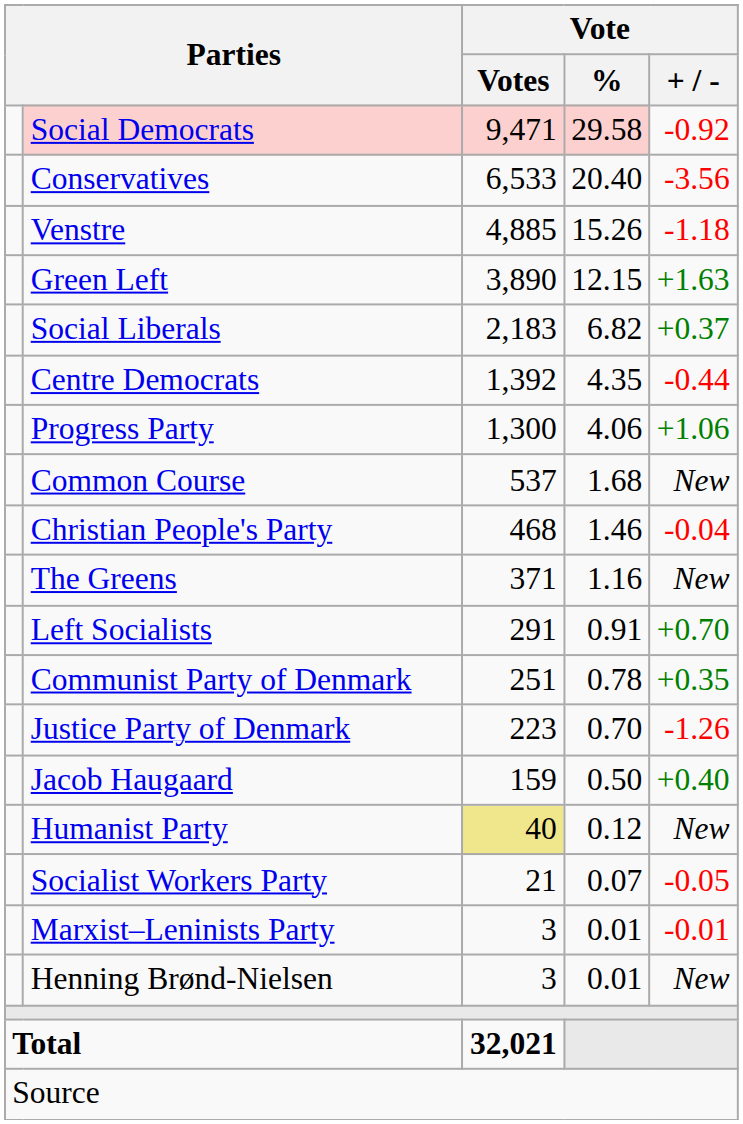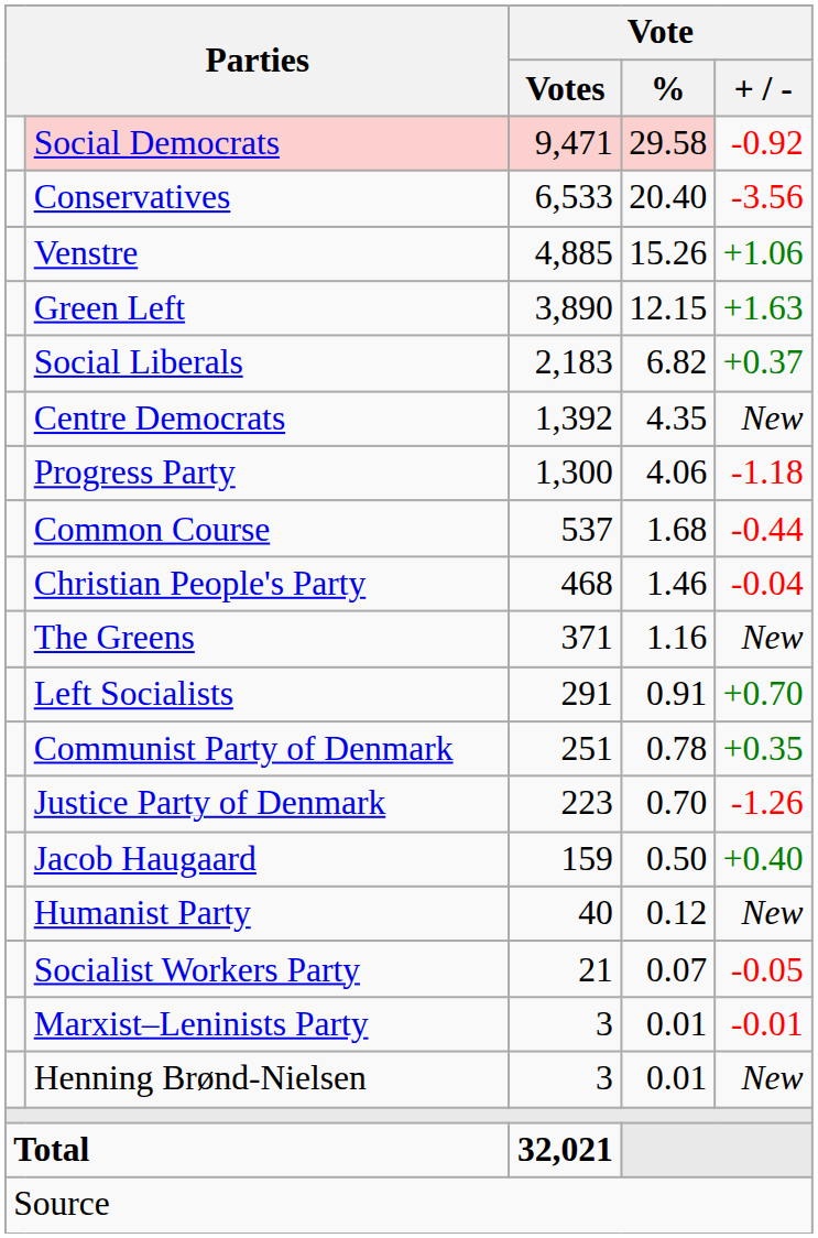 <table class="wikitable" style="text-align:right;">
 <tr>
 <th style="text-align:centre;" rowspan="2" colspan="2" width="225">Parties</th>
 <th colspan="3">Vote</th>
 </tr>
 <tr>
 <th width="15">Votes</th>
 <th width="15">%</th>
 <th width="15">+ / -</th>
 </tr>
 <tr>
 <td width="2" style="color:inherit;background:"></td>
 <td bgcolor=#fbd0ce  align="left"><a href='#'>Social Democrats</a></td>
 <td bgcolor=#fbd0ce>9,471</td>
 <td bgcolor=#fbd0ce>29.58</td>
 <td style=color:red;>-0.92</td>
 </tr>
 <tr>
 <td width="2" style="color:inherit;background:"></td>
 <td align="left"><a href='#'>Conservatives</a></td>
 <td>6,533</td>
 <td>20.40</td>
 <td style=color:red;>-3.56</td>
 </tr>
 <tr>
 <td width="2" style="color:inherit;background:"></td>
 <td align="left"><a href='#'>Venstre</a></td>
 <td>4,885</td>
 <td>15.26</td>
-<td style=color:red;>-1.18</td>
+<td style=color:green;>+1.06</td>
 </tr>
 <tr>
 <td width="2" style="color:inherit;background:"></td>
 <td align="left"><a href='#'>Green Left</a></td>
 <td>3,890</td>
 <td>12.15</td>
 <td style=color:green;>+1.63</td>
 </tr>
 <tr>
 <td width="2" style="color:inherit;background:"></td>
 <td align="left"><a href='#'>Social Liberals</a></td>
 <td>2,183</td>
 <td>6.82</td>
 <td style=color:green;>+0.37</td>
 </tr>
 <tr>
 <td width="2" style="color:inherit;background:"></td>
 <td align="left"><a href='#'>Centre Democrats</a></td>
 <td>1,392</td>
 <td>4.35</td>
-<td style=color:red;>-0.44</td>
+<td><em>New</em></td>
 </tr>
 <tr>
 <td width="2" style="color:inherit;background:"></td>
 <td align="left"><a href='#'>Progress Party</a></td>
 <td>1,300</td>
 <td>4.06</td>
-<td style=color:green;>+1.06</td>
+<td style=color:red;>-1.18</td>
 </tr>
 <tr>
 <td width="2" style="color:inherit;background:"></td>
 <td align="left"><a href='#'>Common Course</a></td>
 <td>537</td>
 <td>1.68</td>
-<td><em>New</em></td>
+<td style=color:red;>-0.44</td>
 </tr>
 <tr>
 <td width="2" style="color:inherit;background:"></td>
 <td align="left"><a href='#'>Christian People's Party</a></td>
 <td>468</td>
 <td>1.46</td>
 <td style=color:red;>-0.04</td>
 </tr>
 <tr>
 <td width="2" style="color:inherit;background:"></td>
 <td align="left"><a href='#'>The Greens</a></td>
 <td>371</td>
 <td>1.16</td>
 <td><em>New</em></td>
 </tr>
 <tr>
 <td width="2" style="color:inherit;background:"></td>
 <td align="left"><a href='#'>Left Socialists</a></td>
 <td>291</td>
 <td>0.91</td>
 <td style=color:green;>+0.70</td>
 </tr>
 <tr>
 <td width="2" style="color:inherit;background:"></td>
 <td align="left"><a href='#'>Communist Party of Denmark</a></td>
 <td>251</td>
 <td>0.78</td>
 <td style=color:green;>+0.35</td>
 </tr>
 <tr>
 <td width="2" style="color:inherit;background:"></td>
 <td align="left"><a href='#'>Justice Party of Denmark</a></td>
 <td>223</td>
 <td>0.70</td>
 <td style=color:red;>-1.26</td>
 </tr>
 <tr>
 <td width="2" style="color:inherit;background:"></td>
 <td align="left"><a href='#'>Jacob Haugaard</a></td>
 <td>159</td>
 <td>0.50</td>
 <td style=color:green;>+0.40</td>
 </tr>
 <tr>
 <td width="2" style="color:inherit;background:"></td>
 <td align="left"><a href='#'>Humanist Party</a></td>
-<td style="background: khaki;">40</td>
+<td>40</td>
 <td>0.12</td>
 <td><em>New</em></td>
 </tr>
 <tr>
 <td width="2" style="color:inherit;background:"></td>
 <td align="left"><a href='#'>Socialist Workers Party</a></td>
 <td>21</td>
 <td>0.07</td>
 <td style=color:red;>-0.05</td>
 </tr>
 <tr>
 <td width="2" style="color:inherit;background:"></td>
 <td align="left"><a href='#'>Marxist–Leninists Party</a></td>
 <td>3</td>
 <td>0.01</td>
 <td style=color:red;>-0.01</td>
 </tr>
 <tr>
 <td width="2" style="color:inherit;background:"></td>
 <td align="left">Henning Brønd-Nielsen</td>
 <td>3</td>
 <td>0.01</td>
 <td><em>New</em></td>
 </tr>
 <tr>
 <td colspan="7" bgcolor="#E9E9E9"></td>
 </tr>
 <tr>
 <td align="left" colspan="2"><strong>Total</strong></td>
 <td><strong>32,021</strong></td>
 <td bgcolor="#E9E9E9" colspan="2"></td>
 </tr>
 <tr>
 <td align="left" colspan="6">Source</td>
 </tr>
 </table>
